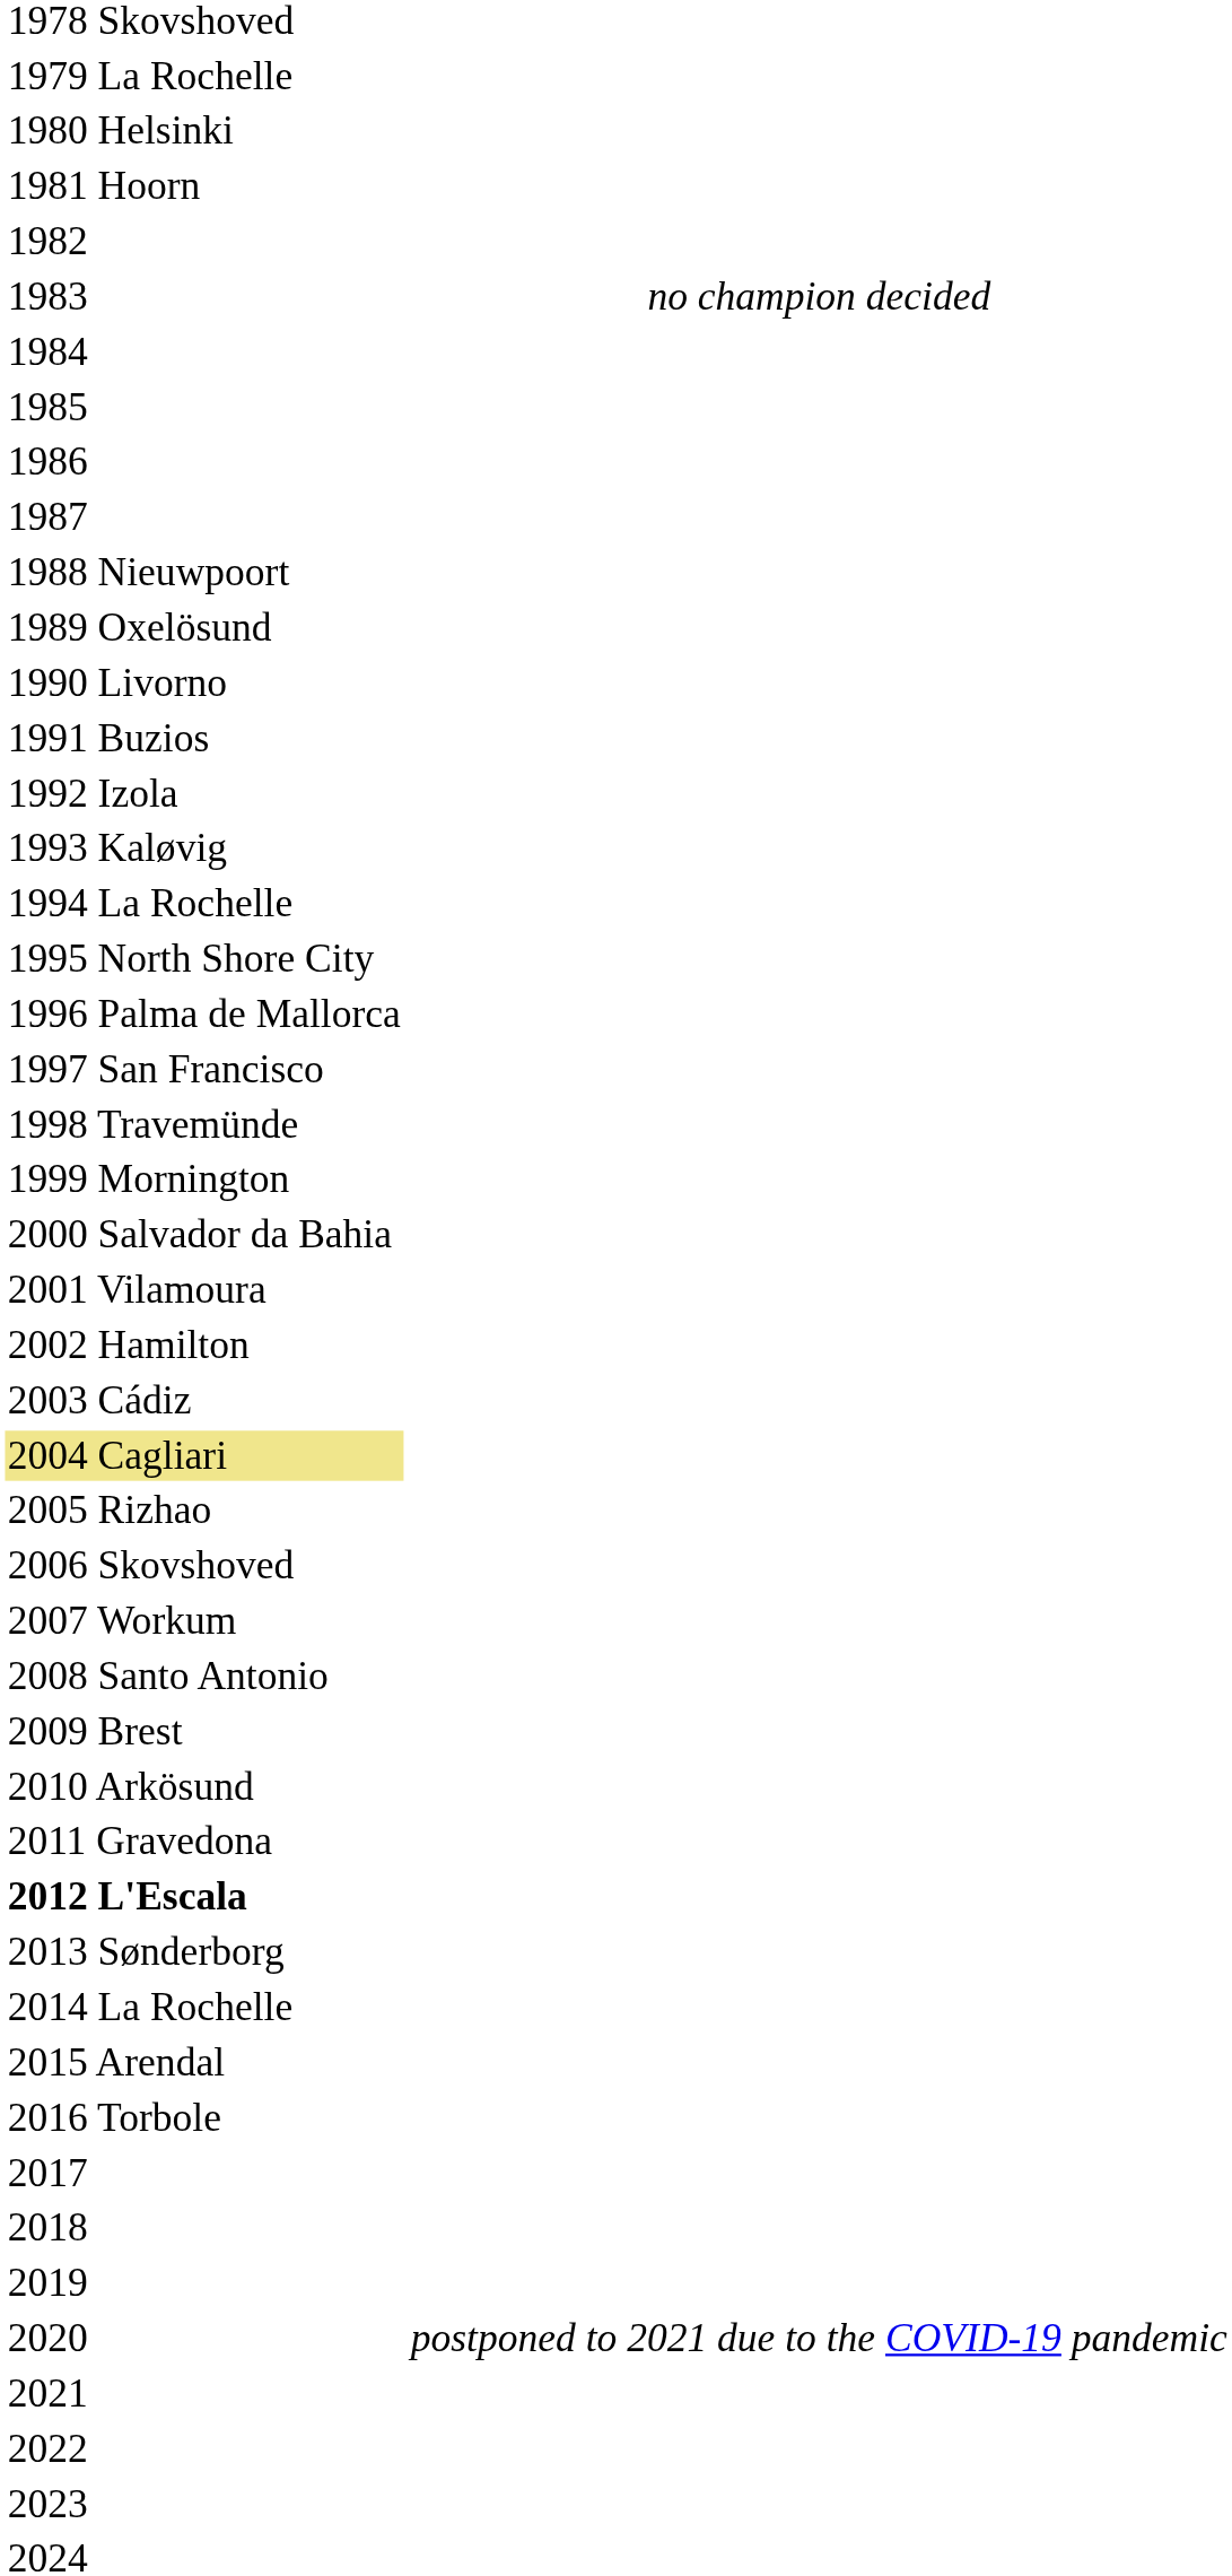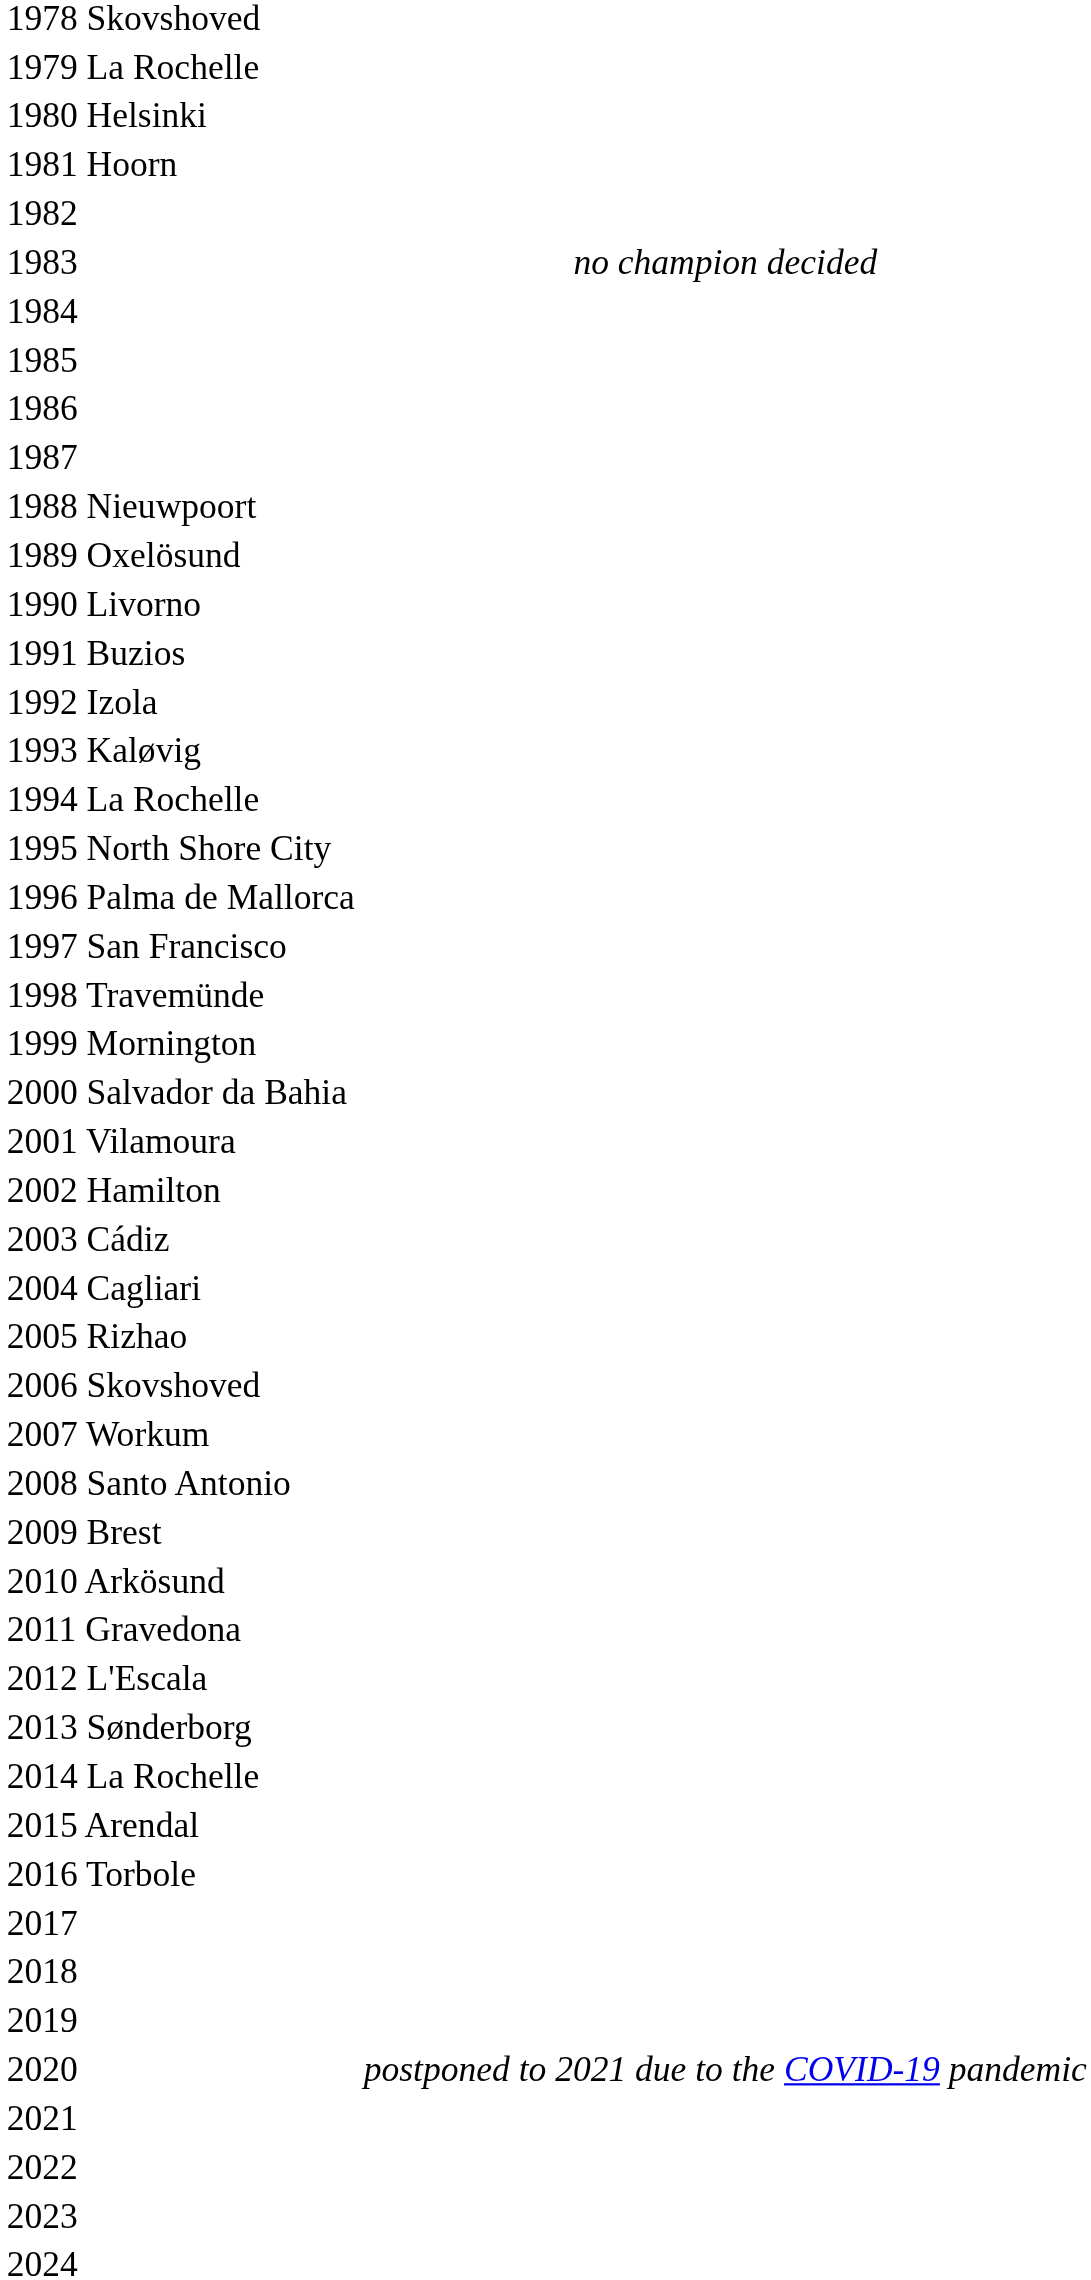 <table>
 <tr>
 <td>1978 Skovshoved</td>
 <td></td>
 <td></td>
 <td></td>
 <td></td>
 </tr>
 <tr>
 <td>1979 La Rochelle</td>
 <td></td>
 <td></td>
 <td></td>
 <td></td>
 </tr>
 <tr>
 <td>1980 Helsinki</td>
 <td></td>
 <td></td>
 <td></td>
 <td></td>
 </tr>
 <tr>
 <td>1981 Hoorn</td>
 <td></td>
 <td></td>
 <td></td>
 <td></td>
 </tr>
 <tr>
 <td>1982</td>
 <td></td>
 <td></td>
 <td></td>
 <td></td>
 </tr>
 <tr>
 <td>1983</td>
 <td colspan=3 align=center><em>no champion decided</em></td>
 <td></td>
 </tr>
 <tr>
 <td>1984</td>
 <td></td>
 <td></td>
 <td></td>
 <td></td>
 </tr>
 <tr>
 <td>1985</td>
 <td></td>
 <td></td>
 <td></td>
 <td></td>
 </tr>
 <tr>
 <td>1986</td>
 <td></td>
 <td></td>
 <td></td>
 <td></td>
 </tr>
 <tr>
 <td>1987</td>
 <td></td>
 <td></td>
 <td></td>
 <td></td>
 </tr>
 <tr>
 <td>1988 Nieuwpoort</td>
 <td></td>
 <td></td>
 <td></td>
 <td></td>
 </tr>
 <tr>
 <td>1989 Oxelösund</td>
 <td></td>
 <td></td>
 <td></td>
 <td></td>
 </tr>
 <tr>
 <td>1990 Livorno</td>
 <td></td>
 <td></td>
 <td></td>
 <td></td>
 </tr>
 <tr>
 <td>1991 Buzios</td>
 <td></td>
 <td></td>
 <td></td>
 <td></td>
 </tr>
 <tr>
 <td>1992 Izola</td>
 <td></td>
 <td></td>
 <td></td>
 <td></td>
 </tr>
 <tr>
 <td>1993 Kaløvig</td>
 <td></td>
 <td></td>
 <td></td>
 <td></td>
 </tr>
 <tr>
 <td>1994 La Rochelle</td>
 <td></td>
 <td></td>
 <td></td>
 <td></td>
 </tr>
 <tr>
 <td>1995 North Shore City</td>
 <td></td>
 <td></td>
 <td></td>
 <td></td>
 </tr>
 <tr>
 <td>1996 Palma de Mallorca</td>
 <td></td>
 <td></td>
 <td></td>
 <td></td>
 </tr>
 <tr>
 <td>1997 San Francisco</td>
 <td></td>
 <td></td>
 <td></td>
 <td></td>
 </tr>
 <tr>
 <td>1998 Travemünde</td>
 <td></td>
 <td></td>
 <td></td>
 <td></td>
 </tr>
 <tr>
 <td>1999 Mornington</td>
 <td></td>
 <td></td>
 <td></td>
 <td></td>
 </tr>
 <tr>
 <td>2000 Salvador da Bahia</td>
 <td></td>
 <td></td>
 <td></td>
 <td></td>
 </tr>
 <tr>
 <td>2001 Vilamoura</td>
 <td></td>
 <td></td>
 <td></td>
 <td></td>
 </tr>
 <tr>
 <td>2002 Hamilton</td>
 <td></td>
 <td></td>
 <td></td>
 <td></td>
 </tr>
 <tr>
 <td>2003 Cádiz</td>
 <td></td>
 <td></td>
 <td></td>
 <td></td>
 </tr>
 <tr>
-<td style="background: khaki;">2004 Cagliari</td>
+<td>2004 Cagliari</td>
 <td></td>
 <td></td>
 <td></td>
 <td></td>
 </tr>
 <tr>
 <td>2005 Rizhao</td>
 <td></td>
 <td></td>
 <td></td>
 <td></td>
 </tr>
 <tr>
 <td>2006 Skovshoved</td>
 <td></td>
 <td></td>
 <td></td>
 <td></td>
 </tr>
 <tr>
 <td>2007 Workum</td>
 <td></td>
 <td></td>
 <td></td>
 <td></td>
 </tr>
 <tr>
 <td>2008 Santo Antonio</td>
 <td></td>
 <td></td>
 <td></td>
 <td></td>
 </tr>
 <tr>
 <td>2009 Brest</td>
 <td></td>
 <td></td>
 <td></td>
 <td></td>
 </tr>
 <tr>
 <td>2010 Arkösund</td>
 <td></td>
 <td></td>
 <td></td>
 <td></td>
 </tr>
 <tr>
 <td>2011 Gravedona</td>
 <td></td>
 <td></td>
 <td></td>
 <td></td>
 </tr>
 <tr>
-<td><strong>2012 L'Escala</strong></td>
+<td>2012 L'Escala</td>
 <td></td>
 <td></td>
 <td></td>
 <td></td>
 </tr>
 <tr>
 <td>2013 Sønderborg</td>
 <td></td>
 <td></td>
 <td></td>
 <td></td>
 </tr>
 <tr>
 <td>2014 La Rochelle</td>
 <td></td>
 <td></td>
 <td></td>
 <td></td>
 </tr>
 <tr>
 <td>2015 Arendal</td>
 <td></td>
 <td></td>
 <td></td>
 <td></td>
 </tr>
 <tr>
 <td>2016 Torbole</td>
 <td></td>
 <td></td>
 <td></td>
 <td></td>
 </tr>
 <tr>
 <td>2017</td>
 <td></td>
 <td></td>
 <td></td>
 <td></td>
 </tr>
 <tr>
 <td>2018</td>
 <td></td>
 <td></td>
 <td></td>
 <td></td>
 </tr>
 <tr>
 <td>2019</td>
 <td></td>
 <td></td>
 <td></td>
 <td></td>
 </tr>
 <tr>
 <td>2020</td>
 <td colspan=3 align=center><em>postponed to 2021 due to the <a href='#'>COVID-19</a> pandemic</em></td>
 <td></td>
 </tr>
 <tr>
 <td>2021</td>
 <td></td>
 <td></td>
 <td></td>
 <td></td>
 </tr>
 <tr>
 <td>2022</td>
 <td></td>
 <td></td>
 <td></td>
 <td></td>
 </tr>
 <tr>
 <td>2023</td>
 <td></td>
 <td></td>
 <td></td>
 </tr>
 <tr>
 <td>2024</td>
 <td></td>
 <td></td>
 <td></td>
 <td></td>
 </tr>
 </table>
